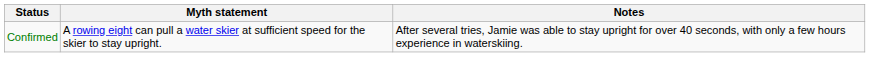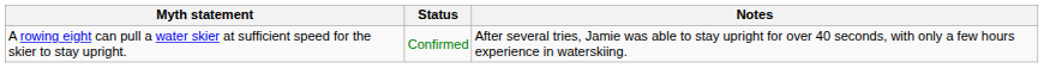 <table class="wikitable plainrowheaders">
 <tr>
+<th>Myth statement</th>
 <th>Status</th>
-<th>Myth statement</th>
 <th>Notes</th>
 </tr>
 <tr>
+<td>A <a href='#'>rowing eight</a> can pull a <a href='#'>water skier</a> at sufficient speed for the skier to stay upright.</td>
 <td style="color:green">Confirmed</td>
-<td>A <a href='#'>rowing eight</a> can pull a <a href='#'>water skier</a> at sufficient speed for the skier to stay upright.</td>
 <td>After several tries, Jamie was able to stay upright for over 40 seconds, with only a few hours experience in waterskiing.</td>
 </tr>
 </table>
